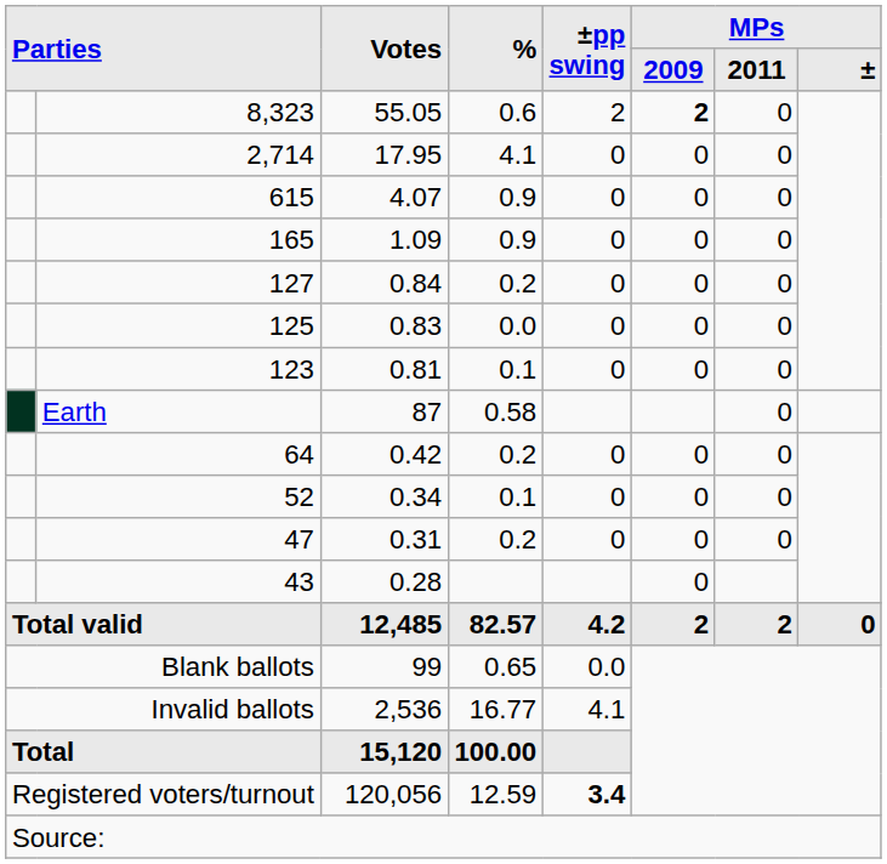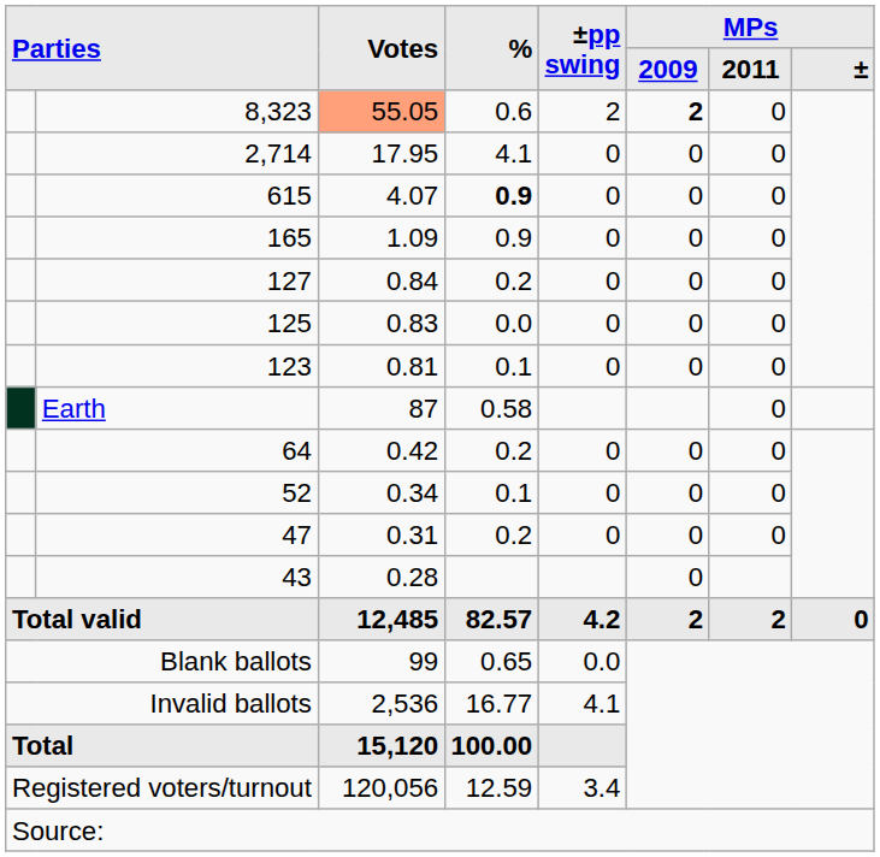 <table class="wikitable" style="text-align:right; font-size:95%;">
 <tr>
 <th rowspan="2" colspan="2" style="background:#e9e9e9; text-align:left;" alignleft><a href='#'>Parties</a></th>
 <th rowspan="2" style="background:#e9e9e9; text-align:right;">Votes</th>
 <th rowspan="2" style="background:#e9e9e9; text-align:right;">%</th>
 <th rowspan="2" style="background:#e9e9e9; text-align:right;">±<a href='#'>pp</a> <a href='#'>swing</a></th>
 <th colspan="3" style="background:#e9e9e9; text-align:center;"><a href='#'>MPs</a></th>
 </tr>
 <tr style="background-color:#E9E9E9">
 <th style="background-color:#E9E9E9;text-align:center;"><a href='#'>2009</a></th>
 <th style="background-color:#E9E9E9;text-align:center;">2011</th>
 <th style="background:#e9e9e9; text-align:right;">±</th>
 </tr>
 <tr>
 <td></td>
 <td>8,323</td>
-<td>55.05</td>
+<td style="background: lightsalmon;">55.05</td>
 <td>0.6</td>
 <td>2</td>
 <td><strong>2</strong></td>
 <td>0</td>
 </tr>
 <tr>
 <td></td>
 <td>2,714</td>
 <td>17.95</td>
 <td>4.1</td>
 <td>0</td>
 <td>0</td>
 <td>0</td>
 </tr>
 <tr>
 <td></td>
 <td>615</td>
 <td>4.07</td>
-<td>0.9</td>
+<td><strong>0.9</strong></td>
 <td>0</td>
 <td>0</td>
 <td>0</td>
 </tr>
 <tr>
 <td></td>
 <td>165</td>
 <td>1.09</td>
 <td>0.9</td>
 <td>0</td>
 <td>0</td>
 <td>0</td>
 </tr>
 <tr>
 <td></td>
 <td>127</td>
 <td>0.84</td>
 <td>0.2</td>
 <td>0</td>
 <td>0</td>
 <td>0</td>
 </tr>
 <tr>
 <td></td>
 <td>125</td>
 <td>0.83</td>
 <td>0.0</td>
 <td>0</td>
 <td>0</td>
 <td>0</td>
 </tr>
 <tr>
 <td></td>
 <td>123</td>
 <td>0.81</td>
 <td>0.1</td>
 <td>0</td>
 <td>0</td>
 <td>0</td>
 </tr>
 <tr>
 <td style="width: 10px" bgcolor=#013220 align="center"></td>
 <td align=left><a href='#'>Earth</a></td>
 <td>87</td>
 <td>0.58</td>
 <td></td>
 <td></td>
 <td>0</td>
 <td></td>
 </tr>
 <tr>
 <td></td>
 <td>64</td>
 <td>0.42</td>
 <td>0.2</td>
 <td>0</td>
 <td>0</td>
 <td>0</td>
 </tr>
 <tr>
 <td></td>
 <td>52</td>
 <td>0.34</td>
 <td>0.1</td>
 <td>0</td>
 <td>0</td>
 <td>0</td>
 </tr>
 <tr>
 <td></td>
 <td>47</td>
 <td>0.31</td>
 <td>0.2</td>
 <td>0</td>
 <td>0</td>
 <td>0</td>
 </tr>
 <tr>
 <td></td>
 <td>43</td>
 <td>0.28</td>
 <td></td>
 <td></td>
 <td>0</td>
 <td></td>
 </tr>
 <tr>
 <td colspan=2 align=left style="background-color:#E9E9E9"><strong>Total valid</strong></td>
 <td width="65" align="right" style="background-color:#E9E9E9"><strong>12,485</strong></td>
 <td width="40" align="right" style="background-color:#E9E9E9"><strong>82.57</strong></td>
 <td width="40" align="right" style="background-color:#E9E9E9"><strong>4.2</strong></td>
 <td width="40" align="right" style="background-color:#E9E9E9"><strong>2</strong></td>
 <td width="40" align="right" style="background-color:#E9E9E9"><strong>2</strong></td>
 <td width="40" align="right" style="background-color:#E9E9E9"><strong>0</strong></td>
 </tr>
 <tr>
 <td colspan=2>Blank ballots</td>
 <td>99</td>
 <td>0.65</td>
 <td>0.0</td>
 <td colspan=4 rowspan=4></td>
 </tr>
 <tr>
 <td colspan=2>Invalid ballots</td>
 <td>2,536</td>
 <td>16.77</td>
 <td>4.1</td>
 </tr>
 <tr>
 <td colspan=2 align=left style="background-color:#E9E9E9"><strong>Total</strong></td>
 <td width="50" align="right" style="background-color:#E9E9E9"><strong>15,120</strong></td>
 <td width="40" align="right" style="background-color:#E9E9E9"><strong>100.00</strong></td>
 <td width="40" align="right" style="background-color:#E9E9E9"></td>
 </tr>
 <tr>
 <td colspan=2>Registered voters/turnout</td>
 <td>120,056</td>
 <td>12.59</td>
-<td><strong>3.4</strong></td>
+<td>3.4</td>
 </tr>
 <tr>
 <td colspan=11 align=left>Source: </td>
 </tr>
 </table>
